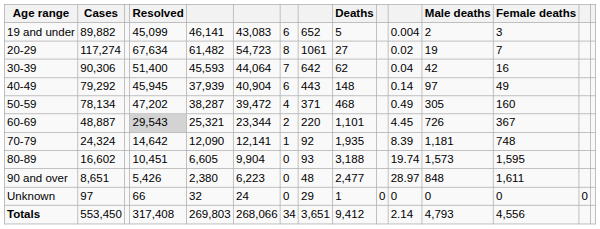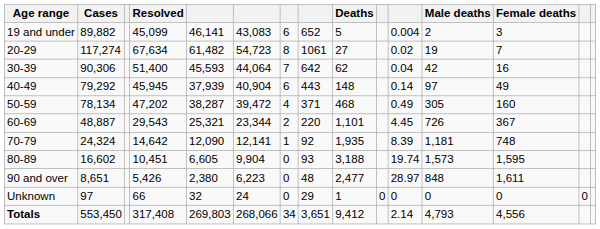 <table class="wikitable sortable">
 <tr>
 <th>Age range</th>
 <th>Cases</th>
 <th></th>
 <th>Resolved</th>
 <th></th>
 <th></th>
 <th></th>
 <th></th>
 <th>Deaths</th>
 <th></th>
 <th></th>
 <th>Male deaths</th>
 <th>Female deaths</th>
 <th></th>
 <th></th>
 </tr>
 <tr>
 <td>19 and under</td>
 <td>89,882</td>
 <td></td>
 <td>45,099</td>
 <td>46,141</td>
 <td>43,083</td>
 <td>6</td>
 <td>652</td>
 <td>5</td>
 <td></td>
 <td>0.004</td>
 <td>2</td>
 <td>3</td>
 <td></td>
 <td></td>
 </tr>
 <tr>
 <td>20-29</td>
 <td>117,274</td>
 <td></td>
 <td>67,634</td>
 <td>61,482</td>
 <td>54,723</td>
 <td>8</td>
 <td>1061</td>
 <td>27</td>
 <td></td>
 <td>0.02</td>
 <td>19</td>
 <td>7</td>
 <td></td>
 <td></td>
 </tr>
 <tr>
 <td>30-39</td>
 <td>90,306</td>
 <td></td>
 <td>51,400</td>
 <td>45,593</td>
 <td>44,064</td>
 <td>7</td>
 <td>642</td>
 <td>62</td>
 <td></td>
 <td>0.04</td>
 <td>42</td>
 <td>16</td>
 <td></td>
 <td></td>
 </tr>
 <tr>
 <td>40-49</td>
 <td>79,292</td>
 <td></td>
 <td>45,945</td>
 <td>37,939</td>
 <td>40,904</td>
 <td>6</td>
 <td>443</td>
 <td>148</td>
 <td></td>
 <td>0.14</td>
 <td>97</td>
 <td>49</td>
 <td></td>
 <td></td>
 </tr>
 <tr>
 <td>50-59</td>
 <td>78,134</td>
 <td></td>
 <td>47,202</td>
 <td>38,287</td>
 <td>39,472</td>
 <td>4</td>
 <td>371</td>
 <td>468</td>
 <td></td>
 <td>0.49</td>
 <td>305</td>
 <td>160</td>
 <td></td>
 <td></td>
 </tr>
 <tr>
 <td>60-69</td>
 <td>48,887</td>
 <td></td>
-<td style="background: lightgrey;">29,543</td>
+<td>29,543</td>
 <td>25,321</td>
 <td>23,344</td>
 <td>2</td>
 <td>220</td>
 <td>1,101</td>
 <td></td>
 <td>4.45</td>
 <td>726</td>
 <td>367</td>
 <td></td>
 <td></td>
 </tr>
 <tr>
 <td>70-79</td>
 <td>24,324</td>
 <td></td>
 <td>14,642</td>
 <td>12,090</td>
 <td>12,141</td>
 <td>1</td>
 <td>92</td>
 <td>1,935</td>
 <td></td>
 <td>8.39</td>
 <td>1,181</td>
 <td>748</td>
 <td></td>
 <td></td>
 </tr>
 <tr>
 <td>80-89</td>
 <td>16,602</td>
 <td></td>
 <td>10,451</td>
 <td>6,605</td>
 <td>9,904</td>
 <td>0</td>
 <td>93</td>
 <td>3,188</td>
 <td></td>
 <td>19.74</td>
 <td>1,573</td>
 <td>1,595</td>
 <td></td>
 <td></td>
 </tr>
 <tr>
 <td>90 and over</td>
 <td>8,651</td>
 <td></td>
 <td>5,426</td>
 <td>2,380</td>
 <td>6,223</td>
 <td>0</td>
 <td>48</td>
 <td>2,477</td>
 <td></td>
 <td>28.97</td>
 <td>848</td>
 <td>1,611</td>
 <td></td>
 <td></td>
 </tr>
 <tr>
 <td>Unknown</td>
 <td>97</td>
 <td></td>
 <td>66</td>
 <td>32</td>
 <td>24</td>
 <td>0</td>
 <td>29</td>
 <td>1</td>
 <td>0</td>
 <td>0</td>
 <td>0</td>
 <td>0</td>
 <td>0</td>
 </tr>
 <tr>
 <td><strong>Totals</strong></td>
 <td>553,450</td>
 <td></td>
 <td>317,408</td>
 <td>269,803</td>
 <td>268,066</td>
 <td>34</td>
 <td>3,651</td>
 <td>9,412</td>
 <td></td>
 <td>2.14</td>
 <td>4,793</td>
 <td>4,556</td>
 <td></td>
 <td></td>
 </tr>
 </table>
